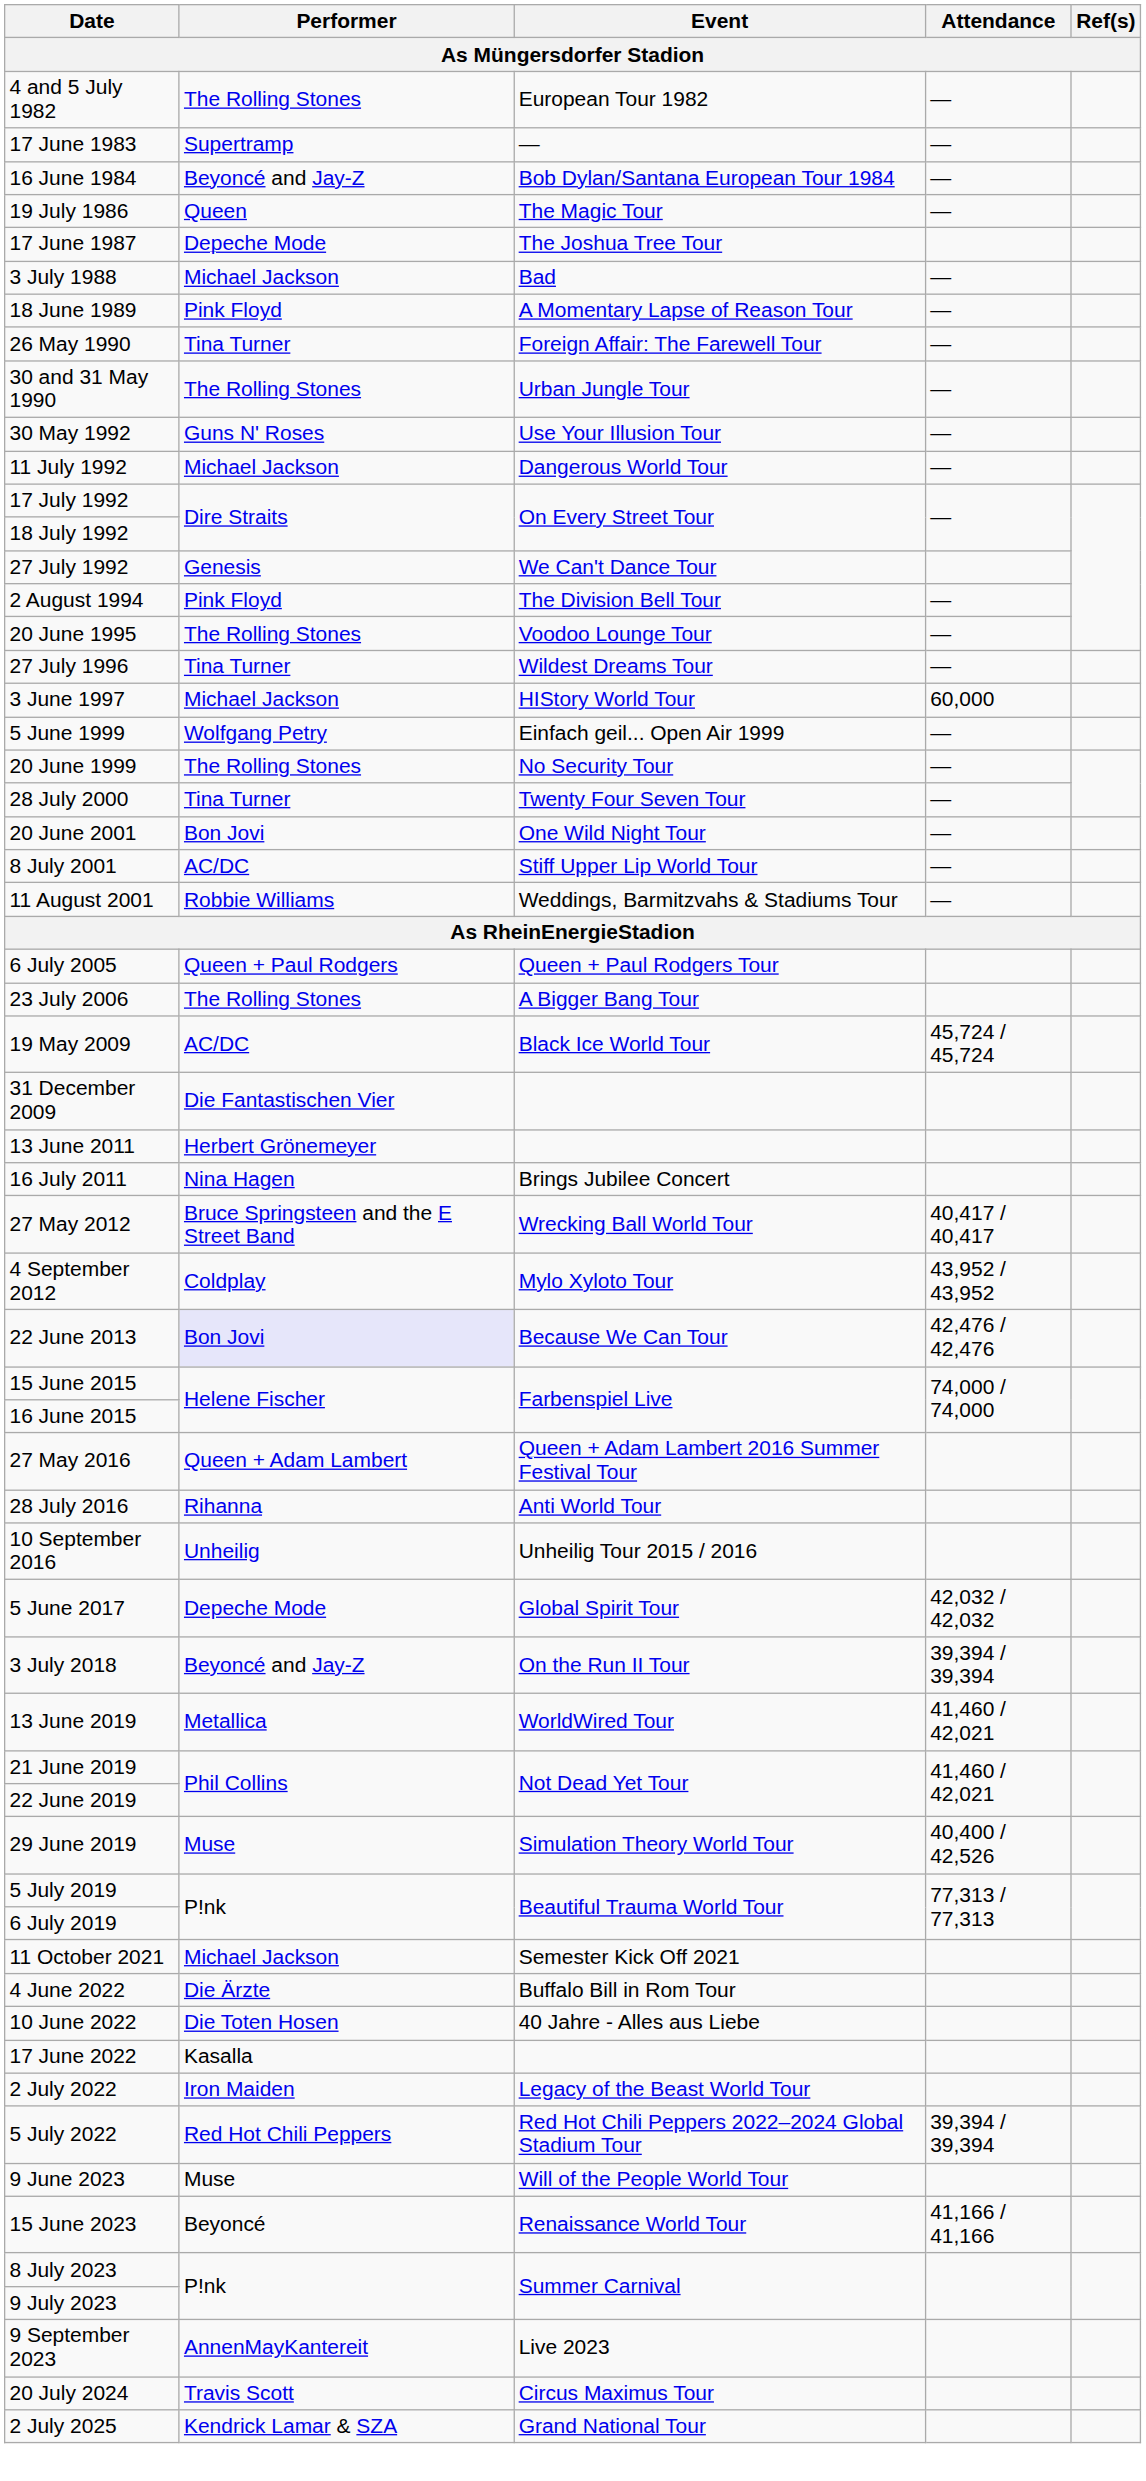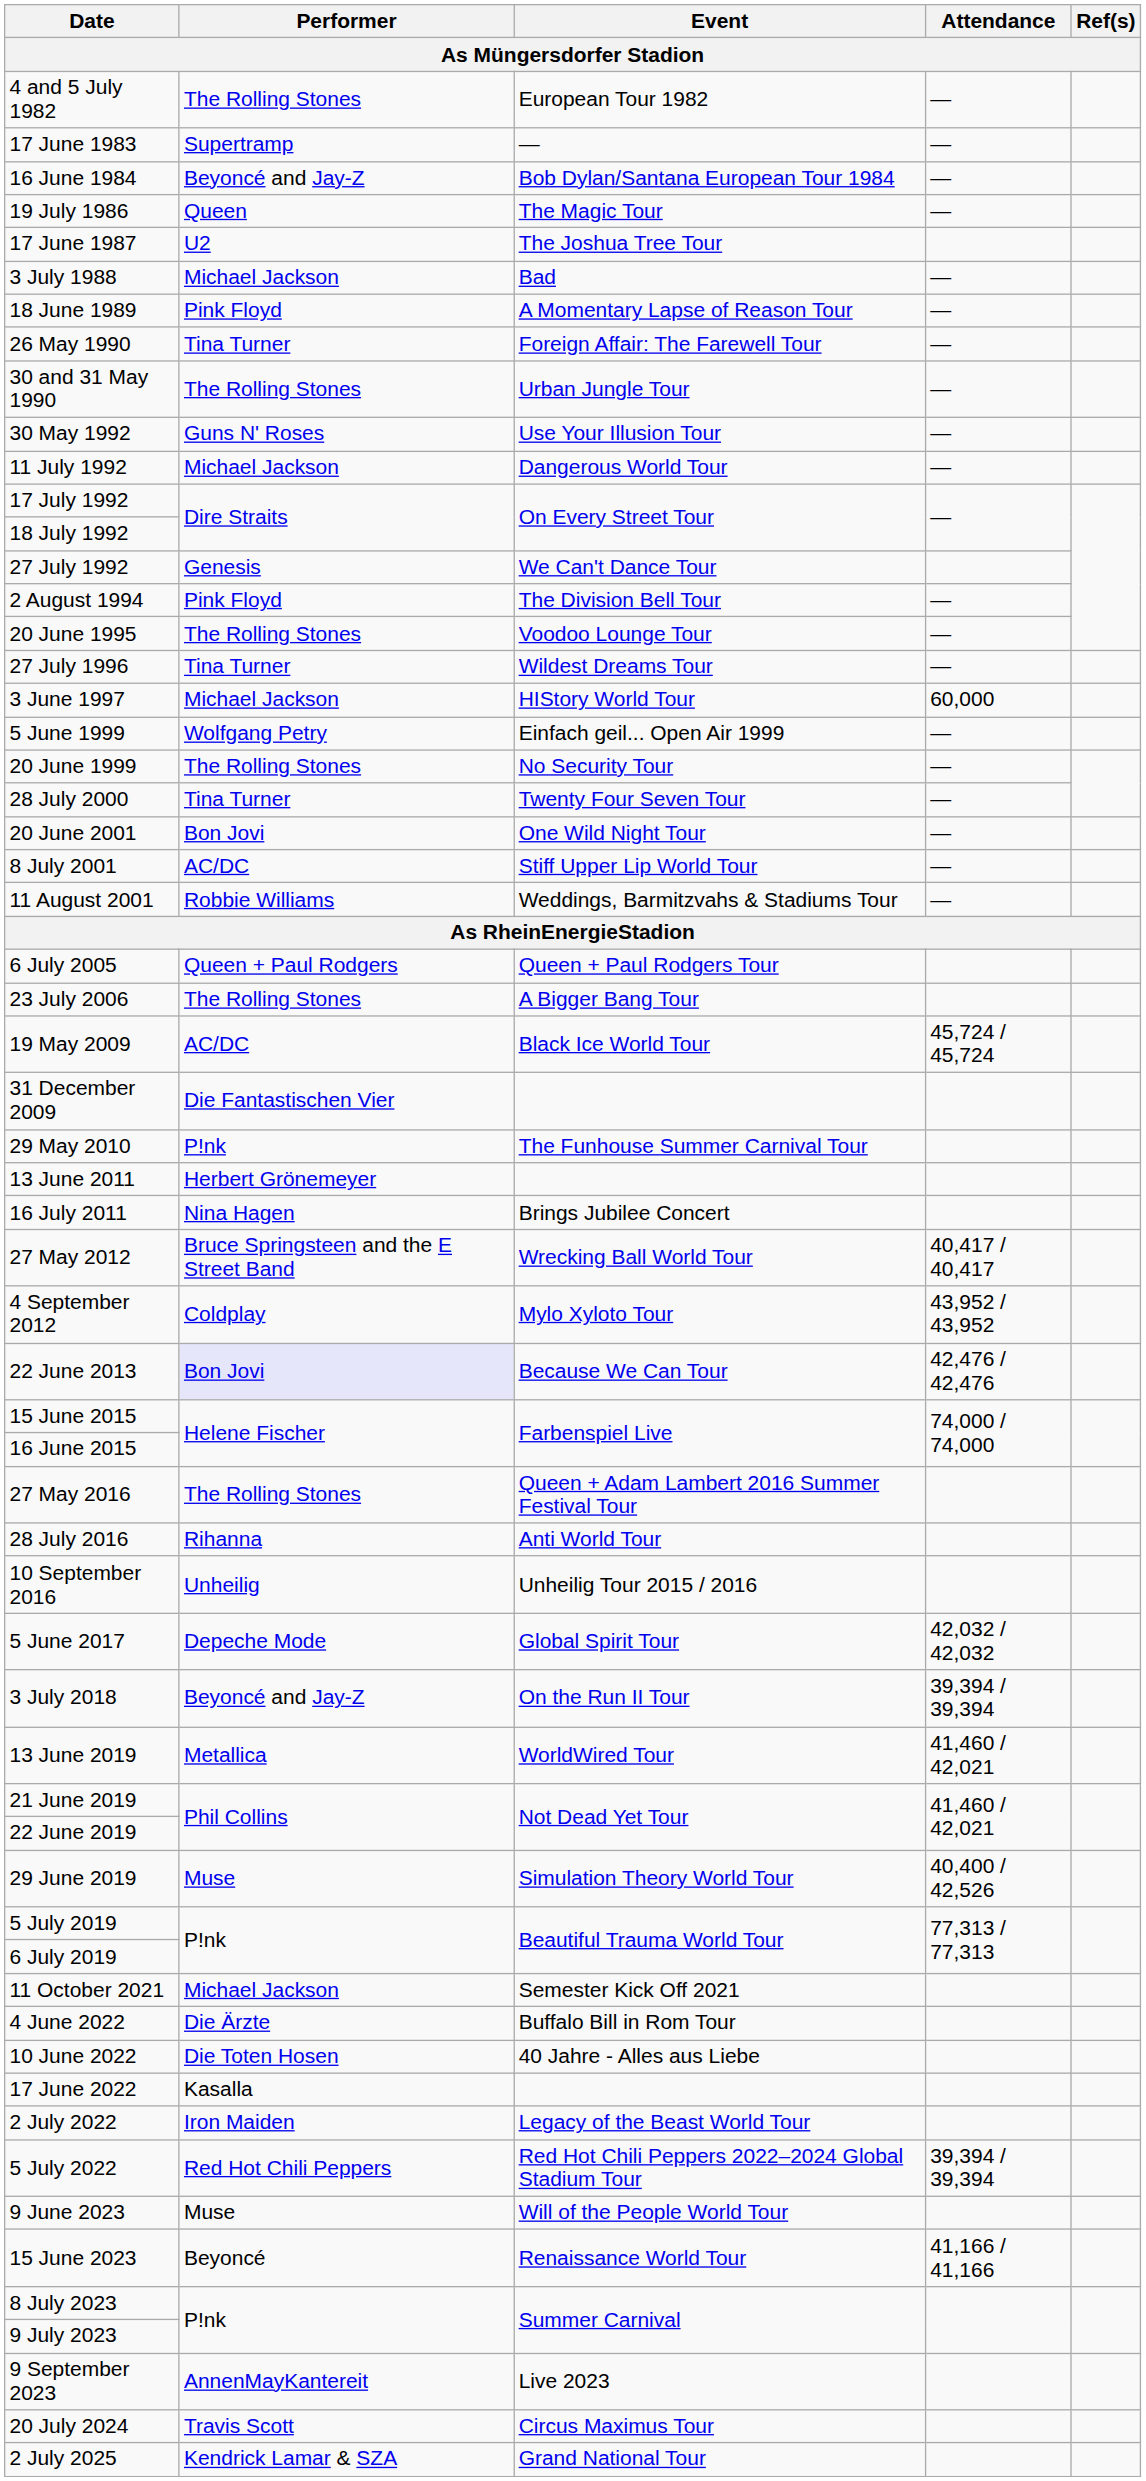 <table class="wikitable" style="margin-center: auto; margin-center: auto;">
 <tr>
 <th scope="col">Date</th>
 <th scope="col">Performer</th>
 <th scope="col">Event</th>
 <th scope="col">Attendance</th>
 <th>Ref(s)</th>
 </tr>
 <tr>
 <th colspan="5">As Müngersdorfer Stadion</th>
 </tr>
 <tr>
 <td>4 and 5 July 1982</td>
 <td><a href='#'>The Rolling Stones</a></td>
 <td>European Tour 1982</td>
 <td>—</td>
 <td></td>
 </tr>
 <tr>
 <td>17 June 1983</td>
 <td><a href='#'>Supertramp</a></td>
 <td>—</td>
 <td>—</td>
 <td></td>
 </tr>
 <tr>
 <td>16 June 1984</td>
 <td><a href='#'>Beyoncé</a> and <a href='#'>Jay-Z</a></td>
 <td><a href='#'>Bob Dylan/Santana European Tour 1984</a></td>
 <td>—</td>
 <td></td>
 </tr>
 <tr>
 <td>19 July 1986</td>
 <td><a href='#'>Queen</a></td>
 <td><a href='#'>The Magic Tour</a></td>
 <td>—</td>
 <td></td>
 </tr>
 <tr>
 <td>17 June 1987</td>
-<td><a href='#'>Depeche Mode</a></td>
+<td><a href='#'>U2</a></td>
 <td><a href='#'>The Joshua Tree Tour</a></td>
 <td></td>
 <td></td>
 </tr>
 <tr>
 <td>3 July 1988</td>
 <td><a href='#'>Michael Jackson</a></td>
 <td><a href='#'>Bad</a></td>
 <td>—</td>
 <td></td>
 </tr>
 <tr>
 <td>18 June 1989</td>
 <td><a href='#'>Pink Floyd</a></td>
 <td><a href='#'>A Momentary Lapse of Reason Tour</a></td>
 <td>—</td>
 <td></td>
 </tr>
 <tr>
 <td>26 May 1990</td>
 <td><a href='#'>Tina Turner</a></td>
 <td><a href='#'>Foreign Affair: The Farewell Tour</a></td>
 <td>—</td>
 <td></td>
 </tr>
 <tr>
 <td>30 and 31 May 1990</td>
 <td><a href='#'>The Rolling Stones</a></td>
 <td><a href='#'>Urban Jungle Tour</a></td>
 <td>—</td>
 <td></td>
 </tr>
 <tr>
 <td>30 May 1992</td>
 <td><a href='#'>Guns N' Roses</a></td>
 <td><a href='#'>Use Your Illusion Tour</a></td>
 <td>—</td>
 <td></td>
 </tr>
 <tr>
 <td>11 July 1992</td>
 <td><a href='#'>Michael Jackson</a></td>
 <td><a href='#'>Dangerous World Tour</a></td>
 <td>—</td>
 <td></td>
 </tr>
 <tr>
 <td>17 July 1992</td>
 <td rowspan="2"><a href='#'>Dire Straits</a></td>
 <td rowspan="2"><a href='#'>On Every Street Tour</a></td>
 <td rowspan="2">—</td>
 <td rowspan="5"></td>
 </tr>
 <tr>
 <td>18 July 1992</td>
 </tr>
 <tr>
 <td>27 July 1992</td>
 <td><a href='#'>Genesis</a></td>
 <td><a href='#'>We Can't Dance Tour</a></td>
 <td></td>
 </tr>
 <tr>
 <td>2 August 1994</td>
 <td><a href='#'>Pink Floyd</a></td>
 <td><a href='#'>The Division Bell Tour</a></td>
 <td>—</td>
 </tr>
 <tr>
 <td>20 June 1995</td>
 <td><a href='#'>The Rolling Stones</a></td>
 <td><a href='#'>Voodoo Lounge Tour</a></td>
 <td>—</td>
 </tr>
 <tr>
 <td>27 July 1996</td>
 <td><a href='#'>Tina Turner</a></td>
 <td><a href='#'>Wildest Dreams Tour</a></td>
 <td>—</td>
 <td></td>
 </tr>
 <tr>
 <td>3 June 1997</td>
 <td><a href='#'>Michael Jackson</a></td>
 <td><a href='#'>HIStory World Tour</a></td>
 <td>60,000</td>
 <td></td>
 </tr>
 <tr>
 <td>5 June 1999</td>
 <td><a href='#'>Wolfgang Petry</a></td>
 <td>Einfach geil... Open Air 1999</td>
 <td>—</td>
 <td></td>
 </tr>
 <tr>
 <td>20 June 1999</td>
 <td><a href='#'>The Rolling Stones</a></td>
 <td><a href='#'>No Security Tour</a></td>
 <td>—</td>
 <td rowspan="2"></td>
 </tr>
 <tr>
 <td>28 July 2000</td>
 <td><a href='#'>Tina Turner</a></td>
 <td><a href='#'>Twenty Four Seven Tour</a></td>
 <td>—</td>
 </tr>
 <tr>
 <td>20 June 2001</td>
 <td><a href='#'>Bon Jovi</a></td>
 <td><a href='#'>One Wild Night Tour</a></td>
 <td>—</td>
 <td></td>
 </tr>
 <tr>
 <td>8 July 2001</td>
 <td><a href='#'>AC/DC</a></td>
 <td><a href='#'>Stiff Upper Lip World Tour</a></td>
 <td>—</td>
 <td></td>
 </tr>
 <tr>
 <td>11 August 2001</td>
 <td><a href='#'>Robbie Williams</a></td>
 <td>Weddings, Barmitzvahs & Stadiums Tour</td>
 <td>—</td>
 <td></td>
 </tr>
 <tr>
 <th colspan="5">As RheinEnergieStadion</th>
 </tr>
 <tr>
 <td>6 July 2005</td>
 <td><a href='#'>Queen + Paul Rodgers</a></td>
 <td><a href='#'>Queen + Paul Rodgers Tour</a></td>
 <td></td>
 <td></td>
 </tr>
 <tr>
 <td>23 July 2006</td>
 <td><a href='#'>The Rolling Stones</a></td>
 <td><a href='#'>A Bigger Bang Tour</a></td>
 <td></td>
 <td></td>
 </tr>
 <tr>
 <td>19 May 2009</td>
 <td><a href='#'>AC/DC</a></td>
 <td><a href='#'>Black Ice World Tour</a></td>
 <td>45,724 / 45,724</td>
 <td></td>
 </tr>
 <tr>
 <td>31 December 2009</td>
 <td><a href='#'>Die Fantastischen Vier</a></td>
 <td></td>
 <td></td>
 <td></td>
 </tr>
 <tr>
+<td>29 May 2010</td>
+<td><a href='#'>P!nk</a></td>
+<td><a href='#'>The Funhouse Summer Carnival Tour</a></td>
+<td></td>
+<td></td>
+</tr>
+<tr>
 <td>13 June 2011</td>
 <td><a href='#'>Herbert Grönemeyer</a></td>
 <td></td>
 <td></td>
 <td></td>
 </tr>
 <tr>
 <td>16 July 2011</td>
 <td><a href='#'>Nina Hagen</a></td>
 <td>Brings Jubilee Concert</td>
 <td></td>
 <td></td>
 </tr>
 <tr>
 <td>27 May 2012</td>
 <td><a href='#'>Bruce Springsteen</a> and the <a href='#'>E Street Band</a></td>
 <td><a href='#'>Wrecking Ball World Tour</a></td>
 <td>40,417 / 40,417</td>
 <td></td>
 </tr>
 <tr>
 <td>4 September  2012</td>
 <td><a href='#'>Coldplay</a></td>
 <td><a href='#'>Mylo Xyloto Tour</a></td>
 <td>43,952 / 43,952</td>
 <td></td>
 </tr>
 <tr>
 <td>22 June 2013</td>
 <td style="background: lavender;"><a href='#'>Bon Jovi</a></td>
 <td><a href='#'>Because We Can Tour</a></td>
 <td>42,476 / 42,476</td>
 <td></td>
 </tr>
 <tr>
 <td>15 June 2015</td>
 <td rowspan="2"><a href='#'>Helene Fischer</a></td>
 <td rowspan="2"><a href='#'>Farbenspiel Live</a></td>
 <td rowspan="2">74,000 / 74,000</td>
 <td rowspan="2"></td>
 </tr>
 <tr>
 <td>16 June 2015</td>
 </tr>
 <tr>
 <td>27 May 2016</td>
-<td><a href='#'>Queen + Adam Lambert</a></td>
+<td><a href='#'>The Rolling Stones</a></td>
 <td><a href='#'>Queen + Adam Lambert 2016 Summer Festival Tour</a></td>
 <td></td>
 <td></td>
 </tr>
 <tr>
 <td>28 July 2016</td>
 <td><a href='#'>Rihanna</a></td>
 <td><a href='#'>Anti World Tour</a></td>
 <td></td>
 <td></td>
 </tr>
 <tr>
 <td>10 September  2016</td>
 <td><a href='#'>Unheilig</a></td>
 <td>Unheilig Tour 2015 / 2016</td>
 <td></td>
 <td></td>
 </tr>
 <tr>
 <td>5 June 2017</td>
 <td><a href='#'>Depeche Mode</a></td>
 <td><a href='#'>Global Spirit Tour</a></td>
 <td>42,032 / 42,032</td>
 <td></td>
 </tr>
 <tr>
 <td>3 July 2018</td>
 <td><a href='#'>Beyoncé</a> and <a href='#'>Jay-Z</a></td>
 <td><a href='#'>On the Run II Tour</a></td>
 <td>39,394 / 39,394</td>
 <td></td>
 </tr>
 <tr>
 <td>13 June 2019</td>
 <td><a href='#'>Metallica</a></td>
 <td><a href='#'>WorldWired Tour</a></td>
 <td>41,460 / 42,021</td>
 <td></td>
 </tr>
 <tr>
 <td>21 June 2019</td>
 <td rowspan="2"><a href='#'>Phil Collins</a></td>
 <td rowspan="2"><a href='#'>Not Dead Yet Tour</a></td>
 <td rowspan="2">41,460 / 42,021</td>
 <td rowspan="2"></td>
 </tr>
 <tr>
 <td>22 June 2019</td>
 </tr>
 <tr>
 <td>29 June 2019</td>
 <td><a href='#'>Muse</a></td>
 <td><a href='#'>Simulation Theory World Tour</a></td>
 <td>40,400 / 42,526</td>
 <td></td>
 </tr>
 <tr>
 <td>5 July 2019</td>
 <td rowspan="2">P!nk</td>
 <td rowspan="2"><a href='#'>Beautiful Trauma World Tour</a></td>
 <td rowspan="2">77,313 / 77,313</td>
 <td rowspan="2"></td>
 </tr>
 <tr>
 <td>6 July 2019</td>
 </tr>
 <tr>
 <td>11 October 2021</td>
 <td><a href='#'>Michael Jackson</a></td>
 <td>Semester Kick Off 2021</td>
 <td></td>
 <td></td>
 </tr>
 <tr>
 <td>4 June 2022</td>
 <td><a href='#'>Die Ärzte</a></td>
 <td>Buffalo Bill in Rom Tour</td>
 <td></td>
 <td></td>
 </tr>
 <tr>
 <td>10 June 2022</td>
 <td><a href='#'>Die Toten Hosen</a></td>
 <td>40 Jahre - Alles aus Liebe</td>
 <td></td>
 <td></td>
 </tr>
 <tr>
 <td>17 June 2022</td>
 <td>Kasalla</td>
 <td></td>
 <td></td>
 <td></td>
 </tr>
 <tr>
 <td>2 July 2022</td>
 <td><a href='#'>Iron Maiden</a></td>
 <td><a href='#'>Legacy of the Beast World Tour</a></td>
 <td></td>
 <td></td>
 </tr>
 <tr>
 <td>5 July 2022</td>
 <td><a href='#'>Red Hot Chili Peppers</a></td>
 <td><a href='#'>Red Hot Chili Peppers 2022–2024 Global Stadium Tour</a></td>
 <td>39,394 / 39,394</td>
 <td></td>
 </tr>
 <tr>
 <td>9 June 2023</td>
 <td>Muse</td>
 <td><a href='#'>Will of the People World Tour</a></td>
 <td></td>
 <td></td>
 </tr>
 <tr>
 <td>15 June 2023</td>
 <td>Beyoncé</td>
 <td><a href='#'>Renaissance World Tour</a></td>
 <td>41,166 / 41,166</td>
 <td></td>
 </tr>
 <tr>
 <td>8 July 2023</td>
 <td rowspan="2">P!nk</td>
 <td rowspan="2"><a href='#'>Summer Carnival</a></td>
 <td rowspan="2"></td>
 <td rowspan="2"></td>
 </tr>
 <tr>
 <td>9 July 2023</td>
 </tr>
 <tr>
 <td>9 September 2023</td>
 <td><a href='#'>AnnenMayKantereit</a></td>
 <td>Live 2023</td>
 <td></td>
 <td></td>
 </tr>
 <tr>
 <td>20 July 2024</td>
 <td><a href='#'>Travis Scott</a></td>
 <td><a href='#'>Circus Maximus Tour</a></td>
 <td></td>
 <td></td>
 </tr>
 <tr>
 <td>2 July 2025</td>
 <td><a href='#'>Kendrick Lamar</a> & <a href='#'>SZA</a></td>
 <td><a href='#'>Grand National Tour</a></td>
 <td></td>
 <td></td>
 </tr>
 </table>
